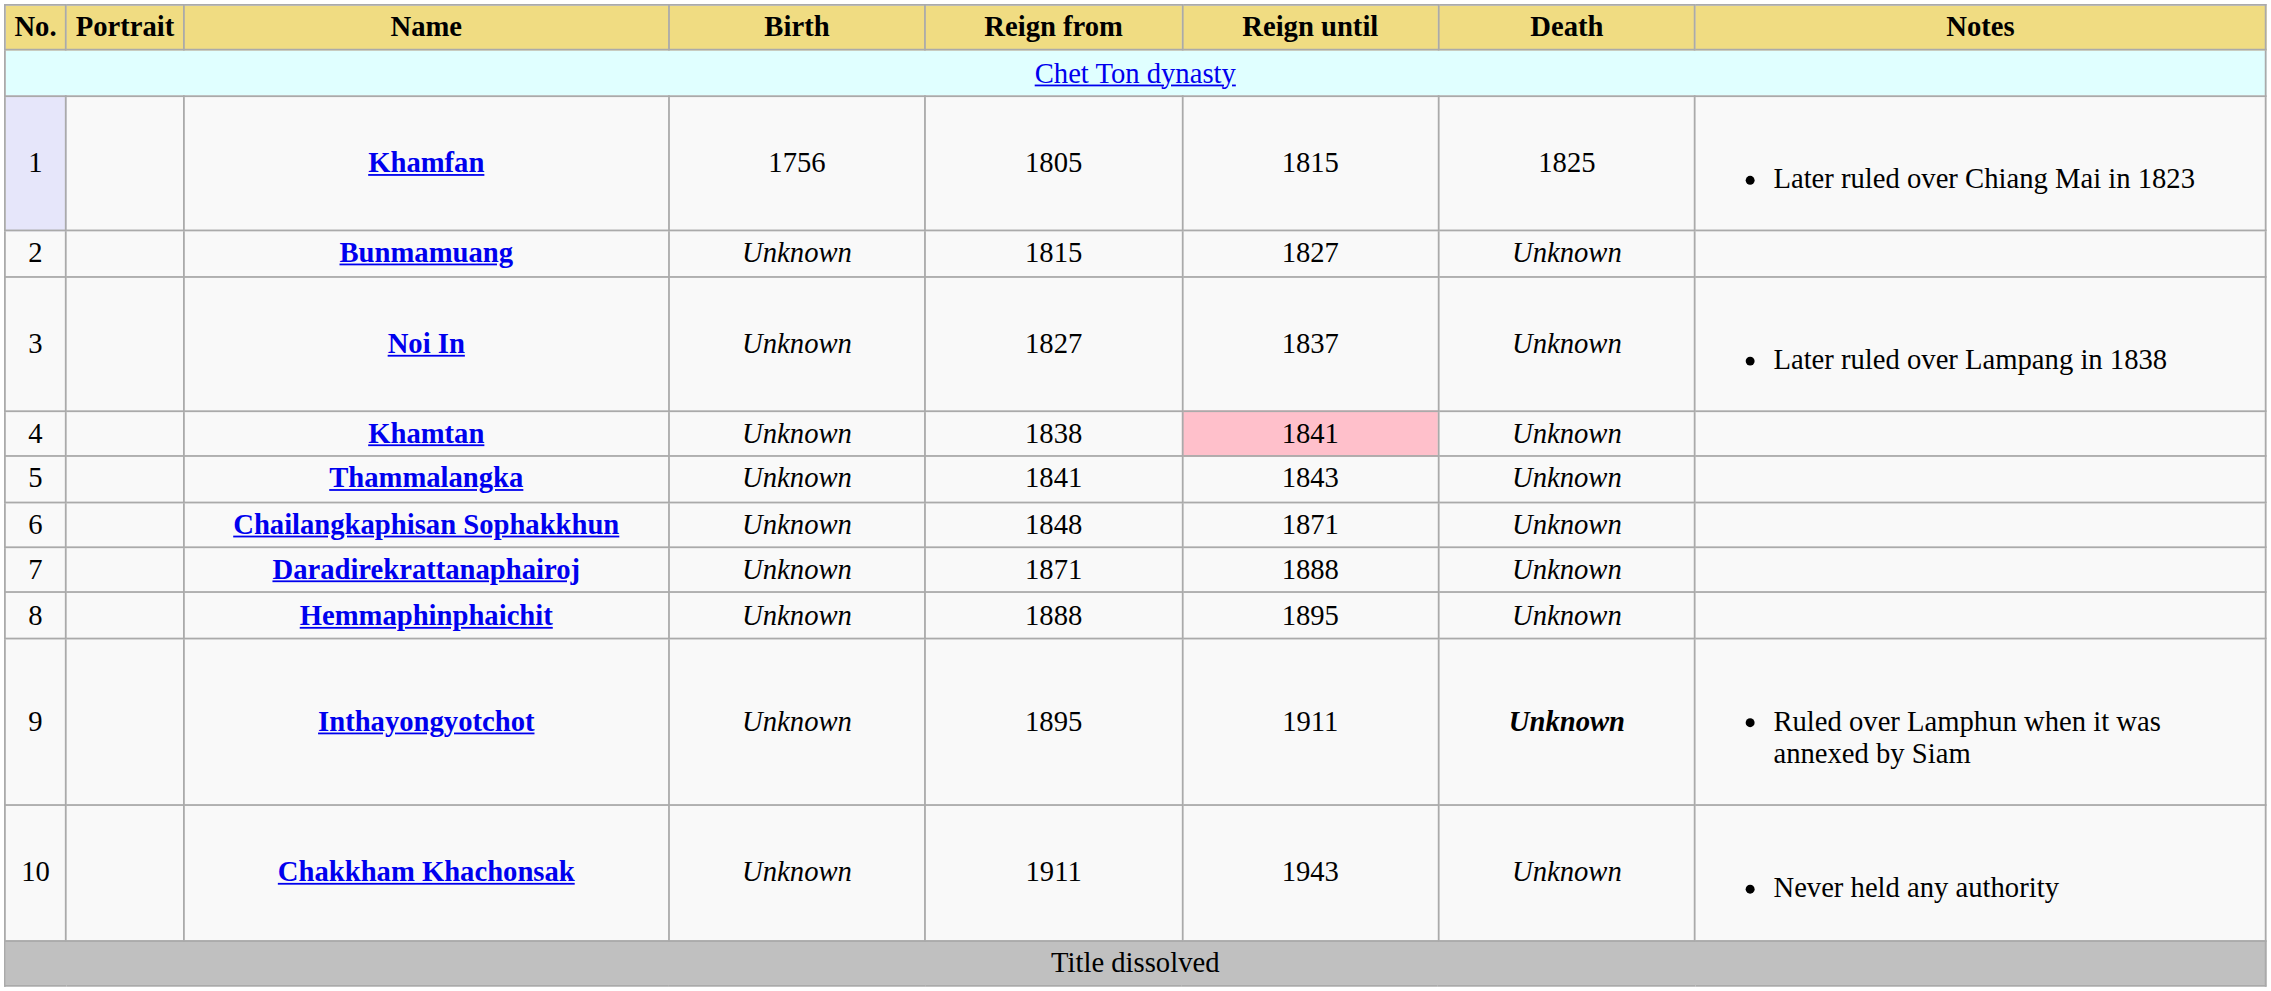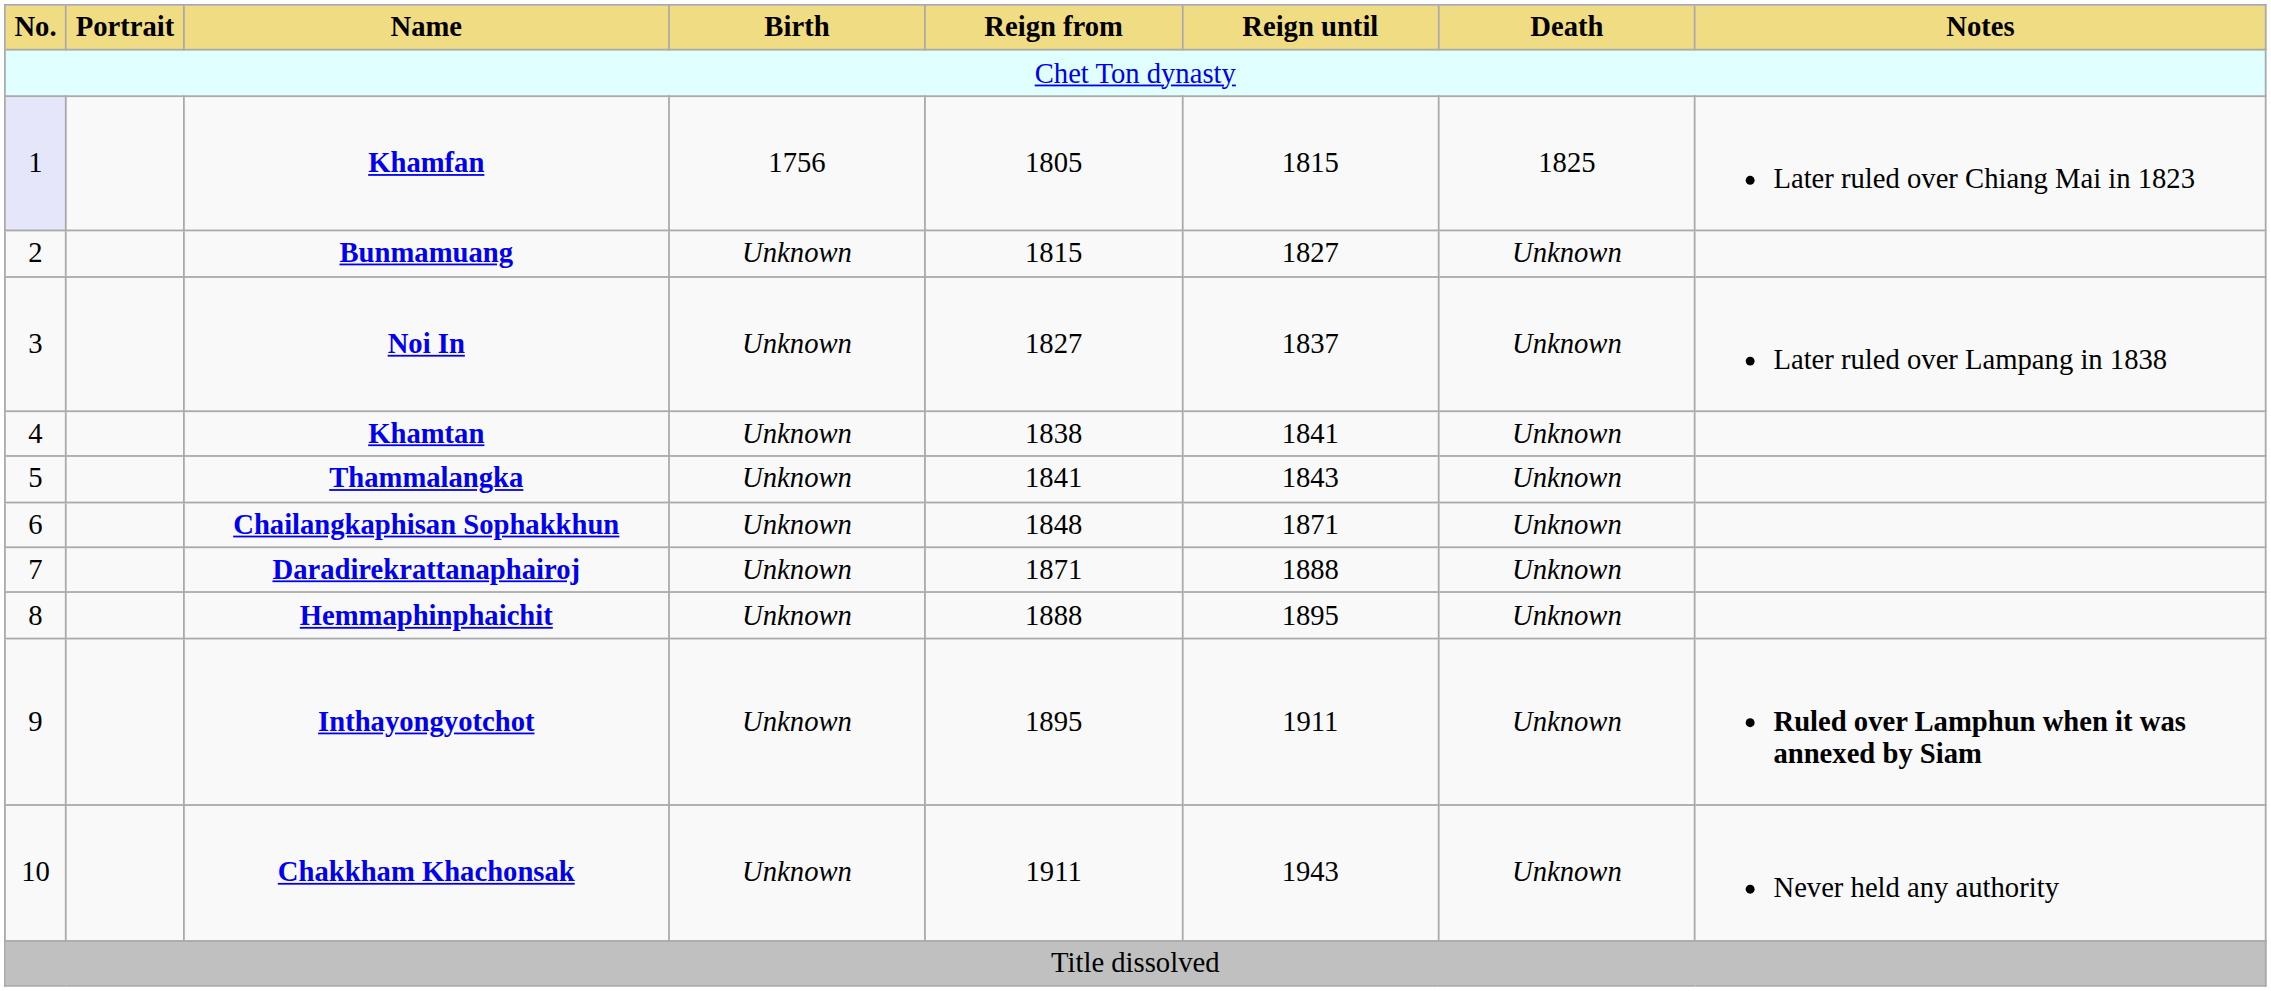 <table class="wikitable" width="100%">
 <tr>
 <th width="1%" style="background-color:#F0DC82">No.</th>
 <th width="1%" style="background-color:#F0DC82">Portrait</th>
 <th width="17%" style="background-color:#F0DC82">Name</th>
 <th width="9%" style="background-color:#F0DC82">Birth</th>
 <th width="9%" style="background-color:#F0DC82">Reign from</th>
 <th width="9%" style="background-color:#F0DC82">Reign until</th>
 <th width="9%" style="background-color:#F0DC82">Death</th>
 <th width="20%" style="background-color:#F0DC82">Notes</th>
 </tr>
 <tr>
 <td colspan="8" style="text-align:center; background: #E0FFFF;"><a href='#'>Chet Ton dynasty</a></td>
 </tr>
 <tr>
 <td style="background: lavender; text-align:center">1</td>
 <td style="text-align:center"></td>
 <td style="text-align:center"><strong><a href='#'>Khamfan</a></strong></td>
 <td style="text-align:center">1756</td>
 <td style="text-align:center">1805</td>
 <td style="text-align:center">1815</td>
 <td style="text-align:center">1825</td>
 <td><br><ul><li>Later ruled over Chiang Mai in 1823</li></ul></td>
 </tr>
 <tr>
 <td style="text-align:center">2</td>
 <td style="text-align:center"></td>
 <td style="text-align:center"><a href='#'><strong>Bunmamuang</strong></a></td>
 <td style="text-align:center"><em>Unknown</em></td>
 <td style="text-align:center">1815</td>
 <td style="text-align:center">1827</td>
 <td style="text-align:center"><em>Unknown</em></td>
 <td></td>
 </tr>
 <tr>
 <td style="text-align:center">3</td>
 <td style="text-align:center"></td>
 <td style="text-align:center"><a href='#'><strong>Noi In</strong></a></td>
 <td style="text-align:center"><em>Unknown</em></td>
 <td style="text-align:center">1827</td>
 <td style="text-align:center">1837</td>
 <td style="text-align:center"><em>Unknown</em></td>
 <td><br><ul><li>Later ruled over Lampang in 1838</li></ul></td>
 </tr>
 <tr>
 <td style="text-align:center">4</td>
 <td style="text-align:center"></td>
 <td style="text-align:center"><strong><a href='#'>Khamtan</a></strong></td>
 <td style="text-align:center"><em>Unknown</em></td>
 <td style="text-align:center">1838</td>
-<td style="background: pink; text-align:center">1841</td>
+<td style="text-align:center">1841</td>
 <td style="text-align:center"><em>Unknown</em></td>
 <td></td>
 </tr>
 <tr>
 <td style="text-align:center">5</td>
 <td style="text-align:center"></td>
 <td style="text-align:center"><a href='#'><strong>Thammalangka</strong></a></td>
 <td style="text-align:center"><em>Unknown</em></td>
 <td style="text-align:center">1841</td>
 <td style="text-align:center">1843</td>
 <td style="text-align:center"><em>Unknown</em></td>
 <td></td>
 </tr>
 <tr>
 <td style="text-align:center">6</td>
 <td style="text-align:center"></td>
 <td style="text-align:center"><a href='#'><strong>Chailangkaphisan Sophakkhun</strong></a></td>
 <td style="text-align:center"><em>Unknown</em></td>
 <td style="text-align:center">1848</td>
 <td style="text-align:center">1871</td>
 <td style="text-align:center"><em>Unknown</em></td>
 <td></td>
 </tr>
 <tr>
 <td style="text-align:center">7</td>
 <td style="text-align:center"></td>
 <td style="text-align:center"><a href='#'><strong>Daradirekrattanaphairoj</strong></a></td>
 <td style="text-align:center"><em>Unknown</em></td>
 <td style="text-align:center">1871</td>
 <td style="text-align:center">1888</td>
 <td style="text-align:center"><em>Unknown</em></td>
 <td></td>
 </tr>
 <tr>
 <td style="text-align:center">8</td>
 <td style="text-align:center"></td>
 <td style="text-align:center"><strong><a href='#'>Hemmaphinphaichit</a></strong></td>
 <td style="text-align:center"><em>Unknown</em></td>
 <td style="text-align:center">1888</td>
 <td style="text-align:center">1895</td>
 <td style="text-align:center"><em>Unknown</em></td>
 <td></td>
 </tr>
 <tr>
 <td style="text-align:center">9</td>
 <td style="text-align:center"></td>
 <td style="text-align:center"><strong><a href='#'>Inthayongyotchot</a></strong></td>
 <td style="text-align:center"><em>Unknown</em></td>
 <td style="text-align:center">1895</td>
 <td style="text-align:center">1911</td>
-<td style="text-align:center"><strong><em>Unknown</em></strong></td>
-<td><br><ul><li>Ruled over Lamphun when it was annexed by Siam</li></ul></td>
+<td style="text-align:center"><em>Unknown</em></td>
+<td><strong><br><ul><li>Ruled over Lamphun when it was annexed by Siam</li></ul></strong></td>
 </tr>
 <tr>
 <td style="text-align:center">10</td>
 <td style="text-align:center"></td>
 <td style="text-align:center"><a href='#'><strong>Chakkham Khachonsak</strong></a></td>
 <td style="text-align:center"><em>Unknown</em></td>
 <td style="text-align:center">1911</td>
 <td style="text-align:center">1943</td>
 <td style="text-align:center"><em>Unknown</em></td>
 <td><br><ul><li>Never held any authority</li></ul></td>
 </tr>
 <tr>
 <td colspan="8" style="text-align:center; background:silver">Title dissolved</td>
 </tr>
 </table>
